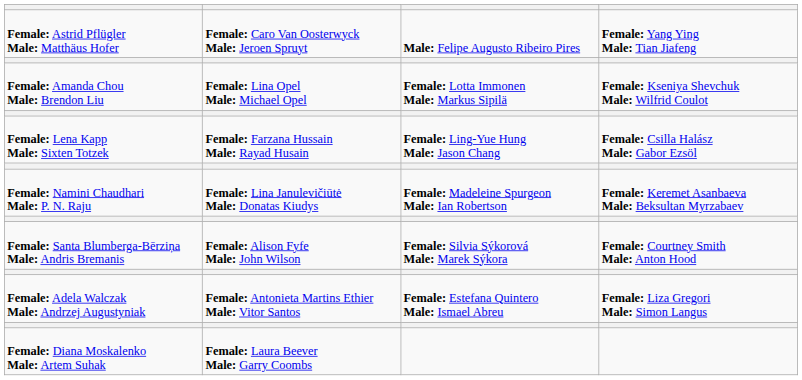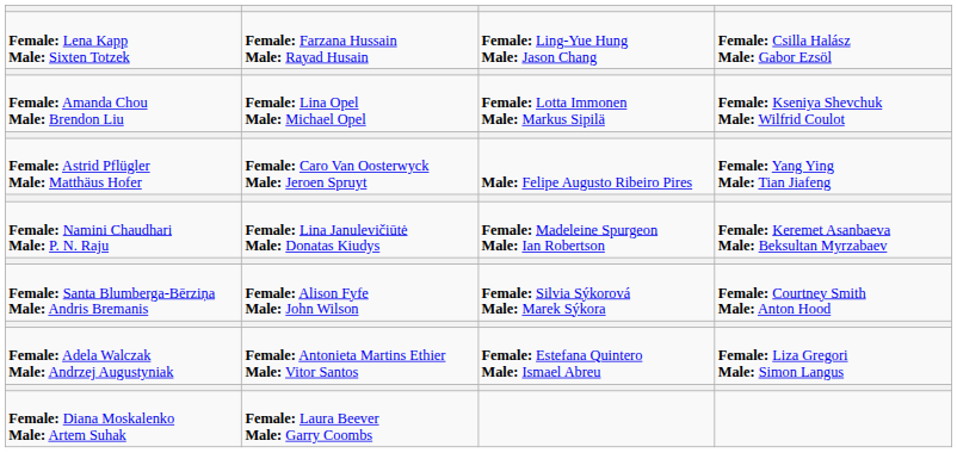 <table class="wikitable">
 <tr>
 <th width=250></th>
 <th width=250></th>
 <th width=250></th>
 <th width=250></th>
 </tr>
 <tr>
-<td><br><strong>Female:</strong> <a href='#'>Astrid Pflügler</a><br> <strong>Male:</strong> <a href='#'>Matthäus Hofer</a></td>
-<td><br><strong>Female:</strong> <a href='#'>Caro Van Oosterwyck</a><br> <strong>Male:</strong> <a href='#'>Jeroen Spruyt</a></td>
-<td><br><br> <strong>Male:</strong> <a href='#'>Felipe Augusto Ribeiro Pires</a></td>
-<td><br><strong>Female:</strong> <a href='#'>Yang Ying</a><br> <strong>Male:</strong> <a href='#'>Tian Jiafeng</a></td>
+<td><br><strong>Female:</strong> <a href='#'>Lena Kapp</a><br> <strong>Male:</strong> <a href='#'>Sixten Totzek</a></td>
+<td><br><strong>Female:</strong> <a href='#'>Farzana Hussain</a><br> <strong>Male:</strong> <a href='#'>Rayad Husain</a></td>
+<td><br><strong>Female:</strong> <a href='#'>Ling-Yue Hung</a><br> <strong>Male:</strong> <a href='#'>Jason Chang</a></td>
+<td><br><strong>Female:</strong> <a href='#'>Csilla Halász</a><br> <strong>Male:</strong> <a href='#'>Gabor Ezsöl</a></td>
 </tr>
 <tr>
 <th width=250></th>
 <th width=250></th>
 <th width=250></th>
 <th width=250></th>
 </tr>
 <tr>
 <td><br><strong>Female:</strong> <a href='#'>Amanda Chou</a><br> <strong>Male:</strong> <a href='#'>Brendon Liu</a></td>
 <td><br><strong>Female:</strong> <a href='#'>Lina Opel</a><br> <strong>Male:</strong> <a href='#'>Michael Opel</a></td>
 <td><br><strong>Female:</strong> <a href='#'>Lotta Immonen</a><br> <strong>Male:</strong> <a href='#'>Markus Sipilä</a></td>
 <td><br><strong>Female:</strong> <a href='#'>Kseniya Shevchuk</a><br> <strong>Male:</strong> <a href='#'>Wilfrid Coulot</a></td>
 </tr>
 <tr>
 <th width=250></th>
 <th width=250></th>
 <th width=250></th>
 <th width=250></th>
 </tr>
 <tr>
-<td><br><strong>Female:</strong> <a href='#'>Lena Kapp</a><br> <strong>Male:</strong> <a href='#'>Sixten Totzek</a></td>
-<td><br><strong>Female:</strong> <a href='#'>Farzana Hussain</a><br> <strong>Male:</strong> <a href='#'>Rayad Husain</a></td>
-<td><br><strong>Female:</strong> <a href='#'>Ling-Yue Hung</a><br> <strong>Male:</strong> <a href='#'>Jason Chang</a></td>
-<td><br><strong>Female:</strong> <a href='#'>Csilla Halász</a><br> <strong>Male:</strong> <a href='#'>Gabor Ezsöl</a></td>
+<td><br><strong>Female:</strong> <a href='#'>Astrid Pflügler</a><br> <strong>Male:</strong> <a href='#'>Matthäus Hofer</a></td>
+<td><br><strong>Female:</strong> <a href='#'>Caro Van Oosterwyck</a><br> <strong>Male:</strong> <a href='#'>Jeroen Spruyt</a></td>
+<td><br><br> <strong>Male:</strong> <a href='#'>Felipe Augusto Ribeiro Pires</a></td>
+<td><br><strong>Female:</strong> <a href='#'>Yang Ying</a><br> <strong>Male:</strong> <a href='#'>Tian Jiafeng</a></td>
 </tr>
 <tr>
 <th width=250></th>
 <th width=250></th>
 <th width=250></th>
 <th width=250></th>
 </tr>
 <tr>
 <td><br><strong>Female:</strong> <a href='#'>Namini Chaudhari</a><br> <strong>Male:</strong> <a href='#'>P. N. Raju</a></td>
 <td><br><strong>Female:</strong> <a href='#'>Lina Janulevičiūtė</a><br> <strong>Male:</strong> <a href='#'>Donatas Kiudys</a></td>
 <td><br><strong>Female:</strong> <a href='#'>Madeleine Spurgeon</a><br> <strong>Male:</strong> <a href='#'>Ian Robertson</a></td>
 <td><br><strong>Female:</strong> <a href='#'>Keremet Asanbaeva</a><br> <strong>Male:</strong> <a href='#'>Beksultan Myrzabaev</a></td>
 </tr>
 <tr>
 <th width=250></th>
 <th width=250></th>
 <th width=250></th>
 <th width=250></th>
 </tr>
 <tr>
 <td><br><strong>Female:</strong> <a href='#'>Santa Blumberga-Bērziņa</a><br> <strong>Male:</strong> <a href='#'>Andris Bremanis</a></td>
 <td><br><strong>Female:</strong> <a href='#'>Alison Fyfe</a><br> <strong>Male:</strong> <a href='#'>John Wilson</a></td>
 <td><br><strong>Female:</strong> <a href='#'>Silvia Sýkorová</a><br> <strong>Male:</strong> <a href='#'>Marek Sýkora</a></td>
 <td><br><strong>Female:</strong> <a href='#'>Courtney Smith</a><br> <strong>Male:</strong> <a href='#'>Anton Hood</a></td>
 </tr>
 <tr>
 <th width=250></th>
 <th width=250></th>
 <th width=250></th>
 <th width=250></th>
 </tr>
 <tr>
 <td><br><strong>Female:</strong> <a href='#'>Adela Walczak</a><br> <strong>Male:</strong> <a href='#'>Andrzej Augustyniak</a></td>
 <td><br><strong>Female:</strong> <a href='#'>Antonieta Martins Ethier</a><br> <strong>Male:</strong> <a href='#'>Vitor Santos</a></td>
 <td><br><strong>Female:</strong> <a href='#'>Estefana Quintero</a><br> <strong>Male:</strong> <a href='#'>Ismael Abreu</a></td>
 <td><br><strong>Female:</strong> <a href='#'>Liza Gregori</a><br> <strong>Male:</strong> <a href='#'>Simon Langus</a></td>
 </tr>
 <tr>
 <th width=250></th>
 <th width=250></th>
 <th width=250></th>
 <th width=250></th>
 </tr>
 <tr>
 <td><br><strong>Female:</strong> <a href='#'>Diana Moskalenko</a><br> <strong>Male:</strong> <a href='#'>Artem Suhak</a></td>
 <td><br><strong>Female:</strong> <a href='#'>Laura Beever</a><br> <strong>Male:</strong> <a href='#'>Garry Coombs</a></td>
 <td></td>
 <td></td>
 </tr>
 </table>
